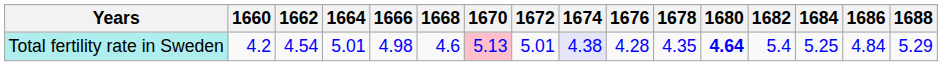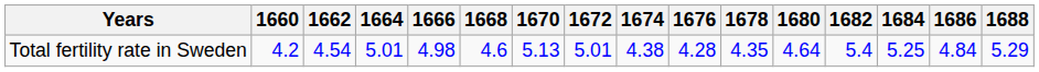 <table class="wikitable " style="text-align:right">
 <tr>
 <th>Years</th>
 <th>1660</th>
 <th>1662</th>
 <th>1664</th>
 <th>1666</th>
 <th>1668</th>
 <th>1670</th>
 <th>1672</th>
 <th>1674</th>
 <th>1676</th>
 <th>1678</th>
 <th>1680</th>
 <th>1682</th>
 <th>1684</th>
 <th>1686</th>
 <th>1688</th>
 </tr>
 <tr>
-<td style="background: paleturquoise; text-align:left;">Total fertility rate in Sweden</td>
+<td style="text-align:left;">Total fertility rate in Sweden</td>
 <td style="text-align:right; color:blue;">4.2</td>
 <td style="text-align:right; color:blue;">4.54</td>
 <td style="text-align:right; color:blue;">5.01</td>
 <td style="text-align:right; color:blue;">4.98</td>
 <td style="text-align:right; color:blue;">4.6</td>
-<td style="background: pink; text-align:right; color:blue;">5.13</td>
+<td style="text-align:right; color:blue;">5.13</td>
 <td style="text-align:right; color:blue;">5.01</td>
-<td style="background: lavender; text-align:right; color:blue;">4.38</td>
+<td style="text-align:right; color:blue;">4.38</td>
 <td style="text-align:right; color:blue;">4.28</td>
 <td style="text-align:right; color:blue;">4.35</td>
-<td style="text-align:right; color:blue;"><strong>4.64</strong></td>
+<td style="text-align:right; color:blue;">4.64</td>
 <td style="text-align:right; color:blue;">5.4</td>
 <td style="text-align:right; color:blue;">5.25</td>
 <td style="text-align:right; color:blue;">4.84</td>
 <td style="text-align:right; color:blue;">5.29</td>
 </tr>
 </table>
